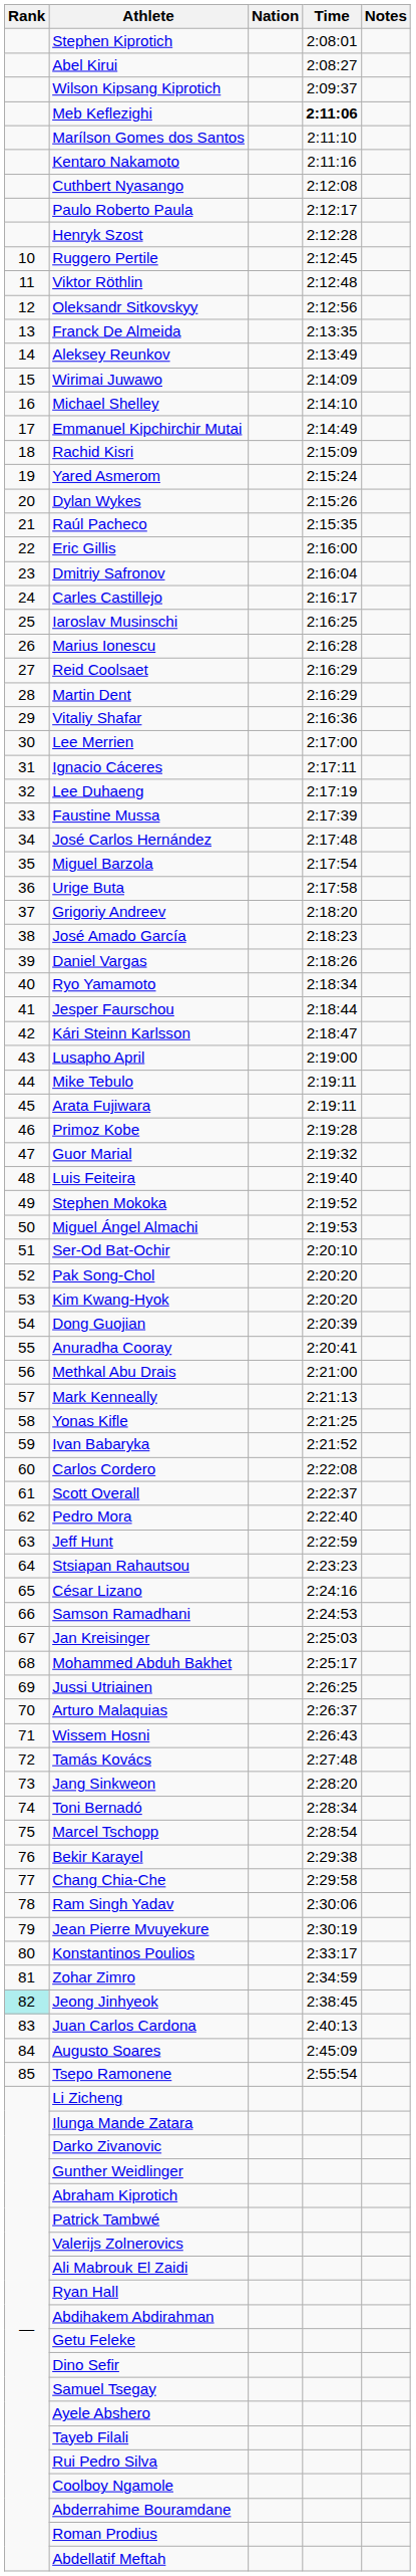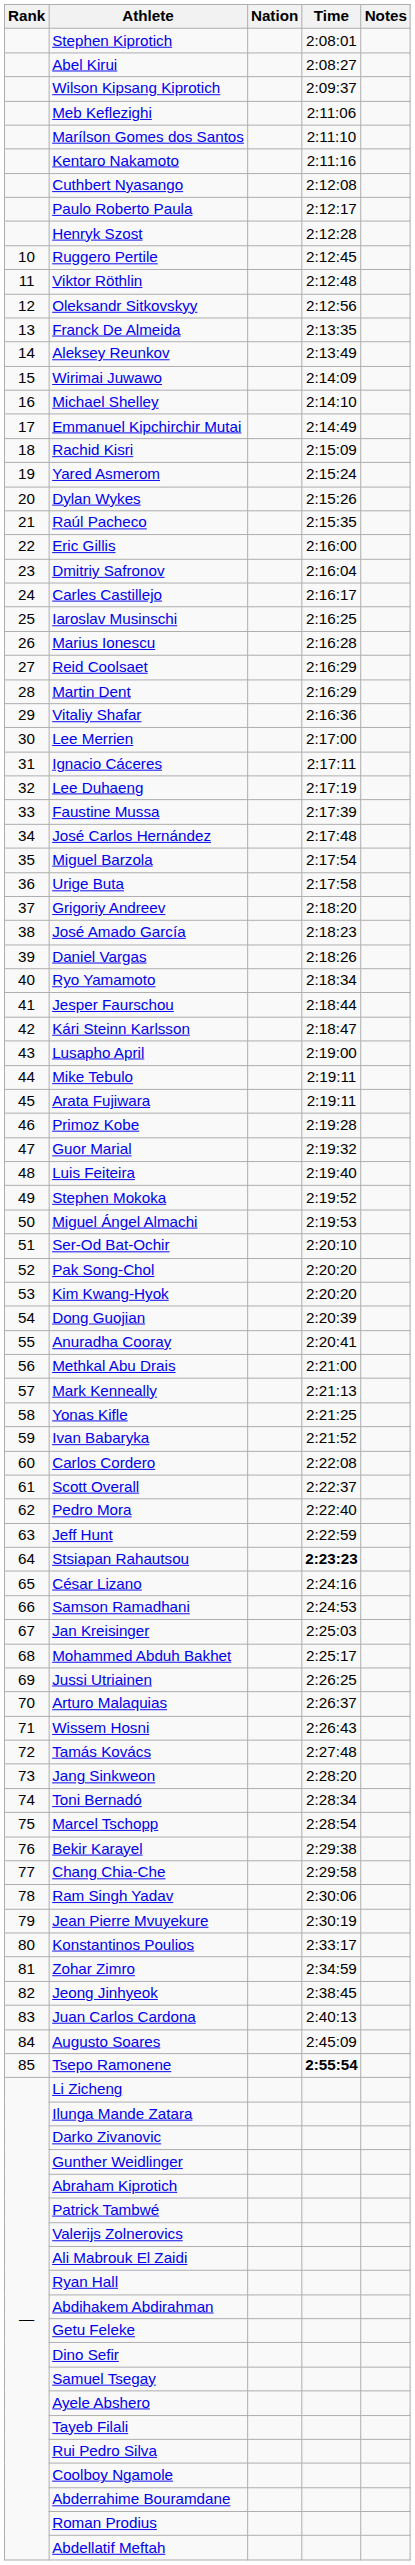 <table class="wikitable sortable" style="text-align:center">
 <tr>
 <th>Rank</th>
 <th>Athlete</th>
 <th>Nation</th>
 <th>Time</th>
 <th>Notes</th>
 </tr>
 <tr>
 <td></td>
 <td align=left><a href='#'>Stephen Kiprotich</a></td>
 <td align=left></td>
 <td>2:08:01</td>
 <td></td>
 </tr>
 <tr>
 <td></td>
 <td align=left><a href='#'>Abel Kirui</a></td>
 <td align=left></td>
 <td>2:08:27</td>
 <td></td>
 </tr>
 <tr>
 <td></td>
 <td align=left><a href='#'>Wilson Kipsang Kiprotich</a></td>
 <td align=left></td>
 <td>2:09:37</td>
 <td></td>
 </tr>
 <tr>
 <td></td>
 <td align=left><a href='#'>Meb Keflezighi</a></td>
 <td align=left></td>
-<td><strong>2:11:06</strong></td>
+<td>2:11:06</td>
 <td></td>
 </tr>
 <tr>
 <td></td>
 <td align=left><a href='#'>Marílson Gomes dos Santos</a></td>
 <td align=left></td>
 <td>2:11:10</td>
 <td></td>
 </tr>
 <tr>
 <td></td>
 <td align=left><a href='#'>Kentaro Nakamoto</a></td>
 <td align=left></td>
 <td>2:11:16</td>
 <td></td>
 </tr>
 <tr>
 <td></td>
 <td align=left><a href='#'>Cuthbert Nyasango</a></td>
 <td align=left></td>
 <td>2:12:08</td>
 <td></td>
 </tr>
 <tr>
 <td></td>
 <td align=left><a href='#'>Paulo Roberto Paula</a></td>
 <td align=left></td>
 <td>2:12:17</td>
 <td></td>
 </tr>
 <tr>
 <td></td>
 <td align=left><a href='#'>Henryk Szost</a></td>
 <td align=left></td>
 <td>2:12:28</td>
 <td></td>
 </tr>
 <tr>
 <td>10</td>
 <td align=left><a href='#'>Ruggero Pertile</a></td>
 <td align=left></td>
 <td>2:12:45</td>
 <td></td>
 </tr>
 <tr>
 <td>11</td>
 <td align=left><a href='#'>Viktor Röthlin</a></td>
 <td align=left></td>
 <td>2:12:48</td>
 <td></td>
 </tr>
 <tr>
 <td>12</td>
 <td align=left><a href='#'>Oleksandr Sitkovskyy</a></td>
 <td align=left></td>
 <td>2:12:56</td>
 <td></td>
 </tr>
 <tr>
 <td>13</td>
 <td align=left><a href='#'>Franck De Almeida</a></td>
 <td align=left></td>
 <td>2:13:35</td>
 <td></td>
 </tr>
 <tr>
 <td>14</td>
 <td align=left><a href='#'>Aleksey Reunkov</a></td>
 <td align=left></td>
 <td>2:13:49</td>
 <td></td>
 </tr>
 <tr>
 <td>15</td>
 <td align=left><a href='#'>Wirimai Juwawo</a></td>
 <td align=left></td>
 <td>2:14:09</td>
 <td></td>
 </tr>
 <tr>
 <td>16</td>
 <td align=left><a href='#'>Michael Shelley</a></td>
 <td align=left></td>
 <td>2:14:10</td>
 <td></td>
 </tr>
 <tr>
 <td>17</td>
 <td align=left><a href='#'>Emmanuel Kipchirchir Mutai</a></td>
 <td align=left></td>
 <td>2:14:49</td>
 <td></td>
 </tr>
 <tr>
 <td>18</td>
 <td align=left><a href='#'>Rachid Kisri</a></td>
 <td align=left></td>
 <td>2:15:09</td>
 <td></td>
 </tr>
 <tr>
 <td>19</td>
 <td align=left><a href='#'>Yared Asmerom</a></td>
 <td align=left></td>
 <td>2:15:24</td>
 <td></td>
 </tr>
 <tr>
 <td>20</td>
 <td align=left><a href='#'>Dylan Wykes</a></td>
 <td align=left></td>
 <td>2:15:26</td>
 <td></td>
 </tr>
 <tr>
 <td>21</td>
 <td align=left><a href='#'>Raúl Pacheco</a></td>
 <td align=left></td>
 <td>2:15:35</td>
 <td></td>
 </tr>
 <tr>
 <td>22</td>
 <td align=left><a href='#'>Eric Gillis</a></td>
 <td align=left></td>
 <td>2:16:00</td>
 <td></td>
 </tr>
 <tr>
 <td>23</td>
 <td align=left><a href='#'>Dmitriy Safronov</a></td>
 <td align=left></td>
 <td>2:16:04</td>
 <td></td>
 </tr>
 <tr>
 <td>24</td>
 <td align=left><a href='#'>Carles Castillejo</a></td>
 <td align=left></td>
 <td>2:16:17</td>
 <td></td>
 </tr>
 <tr>
 <td>25</td>
 <td align=left><a href='#'>Iaroslav Musinschi</a></td>
 <td align=left></td>
 <td>2:16:25</td>
 <td></td>
 </tr>
 <tr>
 <td>26</td>
 <td align=left><a href='#'>Marius Ionescu</a></td>
 <td align=left></td>
 <td>2:16:28</td>
 <td></td>
 </tr>
 <tr>
 <td>27</td>
 <td align=left><a href='#'>Reid Coolsaet</a></td>
 <td align=left></td>
 <td>2:16:29</td>
 <td></td>
 </tr>
 <tr>
 <td>28</td>
 <td align=left><a href='#'>Martin Dent</a></td>
 <td align=left></td>
 <td>2:16:29</td>
 <td></td>
 </tr>
 <tr>
 <td>29</td>
 <td align=left><a href='#'>Vitaliy Shafar</a></td>
 <td align=left></td>
 <td>2:16:36</td>
 <td></td>
 </tr>
 <tr>
 <td>30</td>
 <td align=left><a href='#'>Lee Merrien</a></td>
 <td align=left></td>
 <td>2:17:00</td>
 <td></td>
 </tr>
 <tr>
 <td>31</td>
 <td align=left><a href='#'>Ignacio Cáceres</a></td>
 <td align=left></td>
 <td>2:17:11</td>
 <td></td>
 </tr>
 <tr>
 <td>32</td>
 <td align=left><a href='#'>Lee Duhaeng</a></td>
 <td align=left></td>
 <td>2:17:19</td>
 <td></td>
 </tr>
 <tr>
 <td>33</td>
 <td align=left><a href='#'>Faustine Mussa</a></td>
 <td align=left></td>
 <td>2:17:39</td>
 <td></td>
 </tr>
 <tr>
 <td>34</td>
 <td align=left><a href='#'>José Carlos Hernández</a></td>
 <td align=left></td>
 <td>2:17:48</td>
 <td></td>
 </tr>
 <tr>
 <td>35</td>
 <td align=left><a href='#'>Miguel Barzola</a></td>
 <td align=left></td>
 <td>2:17:54</td>
 <td></td>
 </tr>
 <tr>
 <td>36</td>
 <td align=left><a href='#'>Urige Buta</a></td>
 <td align=left></td>
 <td>2:17:58</td>
 <td></td>
 </tr>
 <tr>
 <td>37</td>
 <td align=left><a href='#'>Grigoriy Andreev</a></td>
 <td align=left></td>
 <td>2:18:20</td>
 <td></td>
 </tr>
 <tr>
 <td>38</td>
 <td align=left><a href='#'>José Amado García</a></td>
 <td align=left></td>
 <td>2:18:23</td>
 <td></td>
 </tr>
 <tr>
 <td>39</td>
 <td align=left><a href='#'>Daniel Vargas</a></td>
 <td align=left></td>
 <td>2:18:26</td>
 <td></td>
 </tr>
 <tr>
 <td>40</td>
 <td align=left><a href='#'>Ryo Yamamoto</a></td>
 <td align=left></td>
 <td>2:18:34</td>
 <td></td>
 </tr>
 <tr>
 <td>41</td>
 <td align=left><a href='#'>Jesper Faurschou</a></td>
 <td align=left></td>
 <td>2:18:44</td>
 <td></td>
 </tr>
 <tr>
 <td>42</td>
 <td align=left><a href='#'>Kári Steinn Karlsson</a></td>
 <td align=left></td>
 <td>2:18:47</td>
 <td></td>
 </tr>
 <tr>
 <td>43</td>
 <td align=left><a href='#'>Lusapho April</a></td>
 <td align=left></td>
 <td>2:19:00</td>
 <td></td>
 </tr>
 <tr>
 <td>44</td>
 <td align=left><a href='#'>Mike Tebulo</a></td>
 <td align=left></td>
 <td>2:19:11</td>
 <td></td>
 </tr>
 <tr>
 <td>45</td>
 <td align=left><a href='#'>Arata Fujiwara</a></td>
 <td align=left></td>
 <td>2:19:11</td>
 <td></td>
 </tr>
 <tr>
 <td>46</td>
 <td align=left><a href='#'>Primoz Kobe</a></td>
 <td align=left></td>
 <td>2:19:28</td>
 <td></td>
 </tr>
 <tr>
 <td>47</td>
 <td align=left><a href='#'>Guor Marial</a></td>
 <td align=left></td>
 <td>2:19:32</td>
 <td></td>
 </tr>
 <tr>
 <td>48</td>
 <td align=left><a href='#'>Luis Feiteira</a></td>
 <td align=left></td>
 <td>2:19:40</td>
 <td></td>
 </tr>
 <tr>
 <td>49</td>
 <td align=left><a href='#'>Stephen Mokoka</a></td>
 <td align=left></td>
 <td>2:19:52</td>
 <td></td>
 </tr>
 <tr>
 <td>50</td>
 <td align=left><a href='#'>Miguel Ángel Almachi</a></td>
 <td align=left></td>
 <td>2:19:53</td>
 <td></td>
 </tr>
 <tr>
 <td>51</td>
 <td align=left><a href='#'>Ser-Od Bat-Ochir</a></td>
 <td align=left></td>
 <td>2:20:10</td>
 <td></td>
 </tr>
 <tr>
 <td>52</td>
 <td align=left><a href='#'>Pak Song-Chol</a></td>
 <td align=left></td>
 <td>2:20:20</td>
 <td></td>
 </tr>
 <tr>
 <td>53</td>
 <td align=left><a href='#'>Kim Kwang-Hyok</a></td>
 <td align=left></td>
 <td>2:20:20</td>
 <td></td>
 </tr>
 <tr>
 <td>54</td>
 <td align=left><a href='#'>Dong Guojian</a></td>
 <td align=left></td>
 <td>2:20:39</td>
 <td></td>
 </tr>
 <tr>
 <td>55</td>
 <td align=left><a href='#'>Anuradha Cooray</a></td>
 <td align=left></td>
 <td>2:20:41</td>
 <td></td>
 </tr>
 <tr>
 <td>56</td>
 <td align=left><a href='#'>Methkal Abu Drais</a></td>
 <td align=left></td>
 <td>2:21:00</td>
 <td></td>
 </tr>
 <tr>
 <td>57</td>
 <td align=left><a href='#'>Mark Kenneally</a></td>
 <td align=left></td>
 <td>2:21:13</td>
 <td></td>
 </tr>
 <tr>
 <td>58</td>
 <td align=left><a href='#'>Yonas Kifle</a></td>
 <td align=left></td>
 <td>2:21:25</td>
 <td></td>
 </tr>
 <tr>
 <td>59</td>
 <td align=left><a href='#'>Ivan Babaryka</a></td>
 <td align=left></td>
 <td>2:21:52</td>
 <td></td>
 </tr>
 <tr>
 <td>60</td>
 <td align=left><a href='#'>Carlos Cordero</a></td>
 <td align=left></td>
 <td>2:22:08</td>
 <td></td>
 </tr>
 <tr>
 <td>61</td>
 <td align=left><a href='#'>Scott Overall</a></td>
 <td align=left></td>
 <td>2:22:37</td>
 <td></td>
 </tr>
 <tr>
 <td>62</td>
 <td align=left><a href='#'>Pedro Mora</a></td>
 <td align=left></td>
 <td>2:22:40</td>
 <td></td>
 </tr>
 <tr>
 <td>63</td>
 <td align=left><a href='#'>Jeff Hunt</a></td>
 <td align=left></td>
 <td>2:22:59</td>
 <td></td>
 </tr>
 <tr>
 <td>64</td>
 <td align=left><a href='#'>Stsiapan Rahautsou</a></td>
 <td align=left></td>
-<td>2:23:23</td>
+<td><strong>2:23:23</strong></td>
 <td></td>
 </tr>
 <tr>
 <td>65</td>
 <td align=left><a href='#'>César Lizano</a></td>
 <td align=left></td>
 <td>2:24:16</td>
 <td></td>
 </tr>
 <tr>
 <td>66</td>
 <td align=left><a href='#'>Samson Ramadhani</a></td>
 <td align=left></td>
 <td>2:24:53</td>
 <td></td>
 </tr>
 <tr>
 <td>67</td>
 <td align=left><a href='#'>Jan Kreisinger</a></td>
 <td align=left></td>
 <td>2:25:03</td>
 <td></td>
 </tr>
 <tr>
 <td>68</td>
 <td align=left><a href='#'>Mohammed Abduh Bakhet</a></td>
 <td align=left></td>
 <td>2:25:17</td>
 <td></td>
 </tr>
 <tr>
 <td>69</td>
 <td align=left><a href='#'>Jussi Utriainen</a></td>
 <td align=left></td>
 <td>2:26:25</td>
 <td></td>
 </tr>
 <tr>
 <td>70</td>
 <td align=left><a href='#'>Arturo Malaquias</a></td>
 <td align=left></td>
 <td>2:26:37</td>
 <td></td>
 </tr>
 <tr>
 <td>71</td>
 <td align=left><a href='#'>Wissem Hosni</a></td>
 <td align=left></td>
 <td>2:26:43</td>
 <td></td>
 </tr>
 <tr>
 <td>72</td>
 <td align=left><a href='#'>Tamás Kovács</a></td>
 <td align=left></td>
 <td>2:27:48</td>
 <td></td>
 </tr>
 <tr>
 <td>73</td>
 <td align=left><a href='#'>Jang Sinkweon</a></td>
 <td align=left></td>
 <td>2:28:20</td>
 <td></td>
 </tr>
 <tr>
 <td>74</td>
 <td align=left><a href='#'>Toni Bernadó</a></td>
 <td align=left></td>
 <td>2:28:34</td>
 <td></td>
 </tr>
 <tr>
 <td>75</td>
 <td align=left><a href='#'>Marcel Tschopp</a></td>
 <td align=left></td>
 <td>2:28:54</td>
 <td></td>
 </tr>
 <tr>
 <td>76</td>
 <td align=left><a href='#'>Bekir Karayel</a></td>
 <td align=left></td>
 <td>2:29:38</td>
 <td></td>
 </tr>
 <tr>
 <td>77</td>
 <td align=left><a href='#'>Chang Chia-Che</a></td>
 <td align=left></td>
 <td>2:29:58</td>
 <td></td>
 </tr>
 <tr>
 <td>78</td>
 <td align=left><a href='#'>Ram Singh Yadav</a></td>
 <td align=left></td>
 <td>2:30:06</td>
 <td></td>
 </tr>
 <tr>
 <td>79</td>
 <td align=left><a href='#'>Jean Pierre Mvuyekure</a></td>
 <td align=left></td>
 <td>2:30:19</td>
 <td></td>
 </tr>
 <tr>
 <td>80</td>
 <td align=left><a href='#'>Konstantinos Poulios</a></td>
 <td align=left></td>
 <td>2:33:17</td>
 <td></td>
 </tr>
 <tr>
 <td>81</td>
 <td align=left><a href='#'>Zohar Zimro</a></td>
 <td align=left></td>
 <td>2:34:59</td>
 <td></td>
 </tr>
 <tr>
-<td style="background: paleturquoise;">82</td>
+<td>82</td>
 <td align=left><a href='#'>Jeong Jinhyeok</a></td>
 <td align=left></td>
 <td>2:38:45</td>
 <td></td>
 </tr>
 <tr>
 <td>83</td>
 <td align=left><a href='#'>Juan Carlos Cardona</a></td>
 <td align=left></td>
 <td>2:40:13</td>
 <td></td>
 </tr>
 <tr>
 <td>84</td>
 <td align=left><a href='#'>Augusto Soares</a></td>
 <td align=left></td>
 <td>2:45:09</td>
 <td></td>
 </tr>
 <tr>
 <td>85</td>
 <td align=left><a href='#'>Tsepo Ramonene</a></td>
 <td align=left></td>
-<td>2:55:54</td>
+<td><strong>2:55:54</strong></td>
 <td></td>
 </tr>
 <tr>
 <td rowspan=20 data-sort-value=86>—</td>
 <td align=left><a href='#'>Li Zicheng</a></td>
 <td align=left></td>
 <td data-sort-value=4:00:00></td>
 <td></td>
 </tr>
 <tr>
 <td align=left><a href='#'>Ilunga Mande Zatara</a></td>
 <td align=left></td>
 <td data-sort-value=4:00:00></td>
 <td></td>
 </tr>
 <tr>
 <td align=left><a href='#'>Darko Zivanovic</a></td>
 <td align=left></td>
 <td data-sort-value=4:00:00></td>
 <td></td>
 </tr>
 <tr>
 <td align=left><a href='#'>Gunther Weidlinger</a></td>
 <td align=left></td>
 <td data-sort-value=4:00:00></td>
 <td></td>
 </tr>
 <tr>
 <td align=left><a href='#'>Abraham Kiprotich</a></td>
 <td align=left></td>
 <td data-sort-value=4:00:00></td>
 <td></td>
 </tr>
 <tr>
 <td align=left><a href='#'>Patrick Tambwé</a></td>
 <td align=left></td>
 <td data-sort-value=4:00:00></td>
 <td></td>
 </tr>
 <tr>
 <td align=left><a href='#'>Valerijs Zolnerovics</a></td>
 <td align=left></td>
 <td data-sort-value=4:00:00></td>
 <td></td>
 </tr>
 <tr>
 <td align=left><a href='#'>Ali Mabrouk El Zaidi</a></td>
 <td align=left></td>
 <td data-sort-value=4:00:00></td>
 <td></td>
 </tr>
 <tr>
 <td align=left><a href='#'>Ryan Hall</a></td>
 <td align=left></td>
 <td data-sort-value=4:00:00></td>
 <td></td>
 </tr>
 <tr>
 <td align=left><a href='#'>Abdihakem Abdirahman</a></td>
 <td align=left></td>
 <td data-sort-value=4:00:00></td>
 <td></td>
 </tr>
 <tr>
 <td align=left><a href='#'>Getu Feleke</a></td>
 <td align=left></td>
 <td data-sort-value=4:00:00></td>
 <td></td>
 </tr>
 <tr>
 <td align=left><a href='#'>Dino Sefir</a></td>
 <td align=left></td>
 <td data-sort-value=4:00:00></td>
 <td></td>
 </tr>
 <tr>
 <td align=left><a href='#'>Samuel Tsegay</a></td>
 <td align=left></td>
 <td data-sort-value=4:00:00></td>
 <td></td>
 </tr>
 <tr>
 <td align=left><a href='#'>Ayele Abshero</a></td>
 <td align=left></td>
 <td data-sort-value=4:00:00></td>
 <td></td>
 </tr>
 <tr>
 <td align=left><a href='#'>Tayeb Filali</a></td>
 <td align=left></td>
 <td data-sort-value=4:00:00></td>
 <td></td>
 </tr>
 <tr>
 <td align=left><a href='#'>Rui Pedro Silva</a></td>
 <td align=left></td>
 <td data-sort-value=4:00:00></td>
 <td></td>
 </tr>
 <tr>
 <td align=left><a href='#'>Coolboy Ngamole</a></td>
 <td align=left></td>
 <td data-sort-value=4:00:00></td>
 <td></td>
 </tr>
 <tr>
 <td align=left><a href='#'>Abderrahime Bouramdane</a></td>
 <td align=left></td>
 <td data-sort-value=4:00:00></td>
 <td></td>
 </tr>
 <tr>
 <td align=left><a href='#'>Roman Prodius</a></td>
 <td align=left></td>
 <td data-sort-value=4:00:00></td>
 <td></td>
 </tr>
 <tr>
 <td align=left><a href='#'>Abdellatif Meftah</a></td>
 <td align=left></td>
 <td data-sort-value=4:00:00></td>
 <td></td>
 </tr>
 </table>
